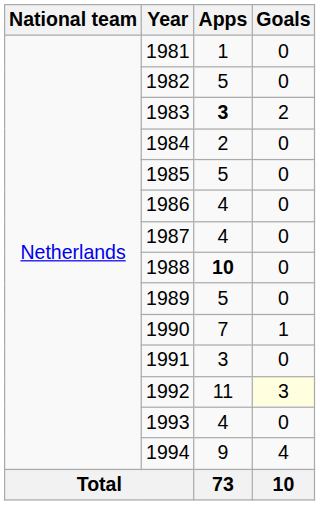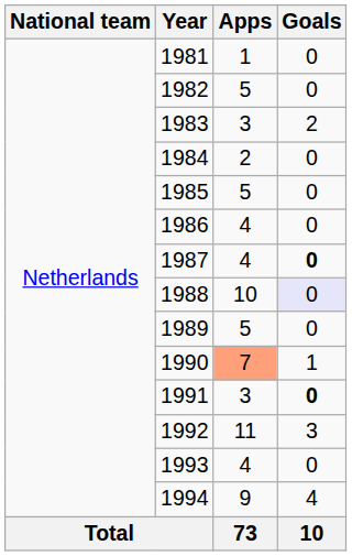 <table class="wikitable" style="text-align:center">
 <tr>
 <th>National team</th>
 <th>Year</th>
 <th>Apps</th>
 <th>Goals</th>
 </tr>
 <tr>
 <td rowspan="14"><a href='#'>Netherlands</a></td>
 <td>1981</td>
 <td>1</td>
 <td>0</td>
 </tr>
 <tr>
 <td>1982</td>
 <td>5</td>
 <td>0</td>
 </tr>
 <tr>
 <td>1983</td>
-<td><strong>3</strong></td>
+<td>3</td>
 <td>2</td>
 </tr>
 <tr>
 <td>1984</td>
 <td>2</td>
 <td>0</td>
 </tr>
 <tr>
 <td>1985</td>
 <td>5</td>
 <td>0</td>
 </tr>
 <tr>
 <td>1986</td>
 <td>4</td>
 <td>0</td>
 </tr>
 <tr>
 <td>1987</td>
 <td>4</td>
-<td>0</td>
+<td><strong>0</strong></td>
 </tr>
 <tr>
 <td>1988</td>
-<td><strong>10</strong></td>
-<td>0</td>
+<td>10</td>
+<td style="background: lavender;">0</td>
 </tr>
 <tr>
 <td>1989</td>
 <td>5</td>
 <td>0</td>
 </tr>
 <tr>
 <td>1990</td>
-<td>7</td>
+<td style="background: lightsalmon;">7</td>
 <td>1</td>
 </tr>
 <tr>
 <td>1991</td>
 <td>3</td>
-<td>0</td>
+<td><strong>0</strong></td>
 </tr>
 <tr>
 <td>1992</td>
 <td>11</td>
-<td style="background: lightyellow;">3</td>
+<td>3</td>
 </tr>
 <tr>
 <td>1993</td>
 <td>4</td>
 <td>0</td>
 </tr>
 <tr>
 <td>1994</td>
 <td>9</td>
 <td>4</td>
 </tr>
 <tr>
 <th colspan="2">Total</th>
 <th>73</th>
 <th>10</th>
 </tr>
 </table>
